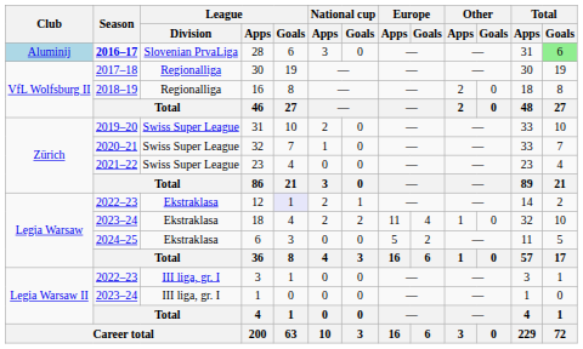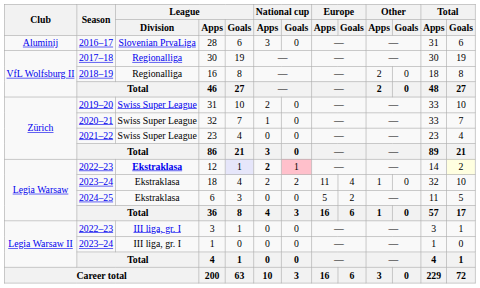 <table class="wikitable" style="text-align:center">
 <tr>
 <th rowspan="2">Club</th>
 <th rowspan="2">Season</th>
 <th colspan="3">League</th>
 <th colspan="2">National cup</th>
 <th colspan="2">Europe</th>
 <th colspan="2">Other</th>
 <th colspan="2">Total</th>
 </tr>
 <tr>
 <th>Division</th>
 <th>Apps</th>
 <th>Goals</th>
 <th>Apps</th>
 <th>Goals</th>
 <th>Apps</th>
 <th>Goals</th>
 <th>Apps</th>
 <th>Goals</th>
 <th>Apps</th>
 <th>Goals</th>
 </tr>
 <tr>
-<td style="background: lightblue;"><a href='#'>Aluminij</a></td>
-<td><strong><a href='#'>2016–17</a></strong></td>
+<td><a href='#'>Aluminij</a></td>
+<td><a href='#'>2016–17</a></td>
 <td><a href='#'>Slovenian PrvaLiga</a></td>
 <td>28</td>
 <td>6</td>
 <td>3</td>
 <td>0</td>
 <td colspan="2">—</td>
 <td colspan="2">—</td>
 <td>31</td>
-<td style="background: lightgreen;">6</td>
+<td>6</td>
 </tr>
 <tr>
 <td rowspan="3"><a href='#'>VfL Wolfsburg II</a></td>
 <td><a href='#'>2017–18</a></td>
 <td><a href='#'>Regionalliga</a></td>
 <td>30</td>
 <td>19</td>
 <td colspan="2">—</td>
 <td colspan="2">—</td>
 <td colspan="2">—</td>
 <td>30</td>
 <td>19</td>
 </tr>
 <tr>
 <td><a href='#'>2018–19</a></td>
 <td>Regionalliga</td>
 <td>16</td>
 <td>8</td>
 <td colspan="2">—</td>
 <td colspan="2">—</td>
 <td>2</td>
 <td>0</td>
 <td>18</td>
 <td>8</td>
 </tr>
 <tr>
 <th colspan="2">Total</th>
 <th>46</th>
 <th>27</th>
 <th colspan="2">—</th>
 <th colspan="2">—</th>
 <th>2</th>
 <th>0</th>
 <th>48</th>
 <th>27</th>
 </tr>
 <tr>
 <td rowspan="4"><a href='#'>Zürich</a></td>
 <td><a href='#'>2019–20</a></td>
 <td><a href='#'>Swiss Super League</a></td>
 <td>31</td>
 <td>10</td>
 <td>2</td>
 <td>0</td>
 <td colspan="2">—</td>
 <td colspan="2">—</td>
 <td>33</td>
 <td>10</td>
 </tr>
 <tr>
 <td><a href='#'>2020–21</a></td>
 <td>Swiss Super League</td>
 <td>32</td>
 <td>7</td>
 <td>1</td>
 <td>0</td>
 <td colspan="2">—</td>
 <td colspan="2">—</td>
 <td>33</td>
 <td>7</td>
 </tr>
 <tr>
 <td><a href='#'>2021–22</a></td>
 <td>Swiss Super League</td>
 <td>23</td>
 <td>4</td>
 <td>0</td>
 <td>0</td>
 <td colspan="2">—</td>
 <td colspan="2">—</td>
 <td>23</td>
 <td>4</td>
 </tr>
 <tr>
 <th colspan="2">Total</th>
 <th>86</th>
 <th>21</th>
 <th>3</th>
 <th>0</th>
 <th colspan="2">—</th>
 <th colspan="2">—</th>
 <th>89</th>
 <th>21</th>
 </tr>
 <tr>
 <td rowspan="4"><a href='#'>Legia Warsaw</a></td>
 <td><a href='#'>2022–23</a></td>
-<td><a href='#'>Ekstraklasa</a></td>
+<td><strong><a href='#'>Ekstraklasa</a></strong></td>
 <td>12</td>
 <td style="background: lavender;">1</td>
-<td>2</td>
-<td>1</td>
+<td><strong>2</strong></td>
+<td style="background: pink;">1</td>
 <td colspan="2">—</td>
 <td colspan="2">—</td>
 <td>14</td>
-<td>2</td>
+<td style="background: lightyellow;">2</td>
 </tr>
 <tr>
 <td><a href='#'>2023–24</a></td>
 <td>Ekstraklasa</td>
 <td>18</td>
 <td>4</td>
 <td>2</td>
 <td>2</td>
 <td>11</td>
 <td>4</td>
 <td>1</td>
 <td>0</td>
 <td>32</td>
 <td>10</td>
 </tr>
 <tr>
 <td><a href='#'>2024–25</a></td>
 <td>Ekstraklasa</td>
 <td>6</td>
 <td>3</td>
 <td>0</td>
 <td>0</td>
 <td>5</td>
 <td>2</td>
 <td colspan="2">—</td>
 <td>11</td>
 <td>5</td>
 </tr>
 <tr>
 <th colspan="2">Total</th>
 <th>36</th>
 <th>8</th>
 <th>4</th>
 <th>3</th>
 <th>16</th>
 <th>6</th>
 <th>1</th>
 <th>0</th>
 <th>57</th>
 <th>17</th>
 </tr>
 <tr>
 <td rowspan="3"><a href='#'>Legia Warsaw II</a></td>
 <td><a href='#'>2022–23</a></td>
 <td><a href='#'>III liga, gr. I</a></td>
 <td>3</td>
 <td>1</td>
 <td>0</td>
 <td>0</td>
 <td colspan="2">—</td>
 <td colspan="2">—</td>
 <td>3</td>
 <td>1</td>
 </tr>
 <tr>
 <td><a href='#'>2023–24</a></td>
 <td>III liga, gr. I</td>
 <td>1</td>
 <td>0</td>
 <td>0</td>
 <td>0</td>
 <td colspan="2">—</td>
 <td colspan="2">—</td>
 <td>1</td>
 <td>0</td>
 </tr>
 <tr>
 <th colspan="2">Total</th>
 <th>4</th>
 <th>1</th>
 <th>0</th>
 <th>0</th>
 <th colspan="2">—</th>
 <th colspan="2">—</th>
 <th>4</th>
 <th>1</th>
 </tr>
 <tr>
 <th colspan="3">Career total</th>
 <th>200</th>
 <th>63</th>
 <th>10</th>
 <th>3</th>
 <th>16</th>
 <th>6</th>
 <th>3</th>
 <th>0</th>
 <th>229</th>
 <th>72</th>
 </tr>
 </table>
